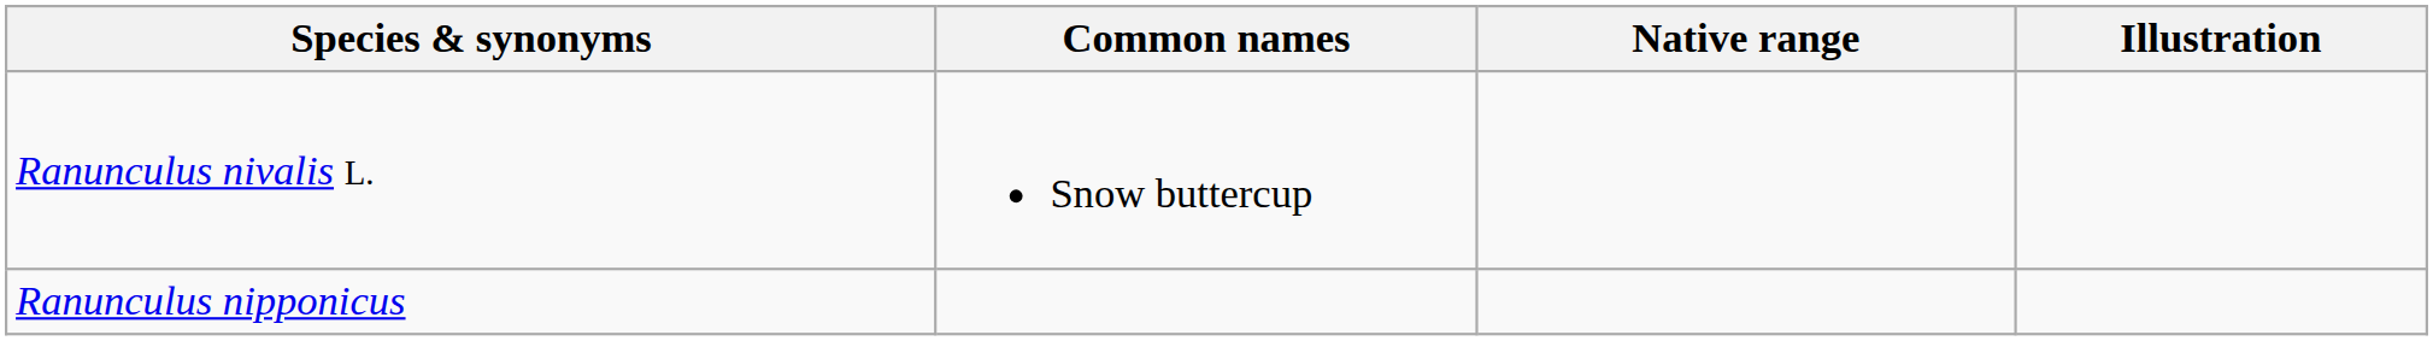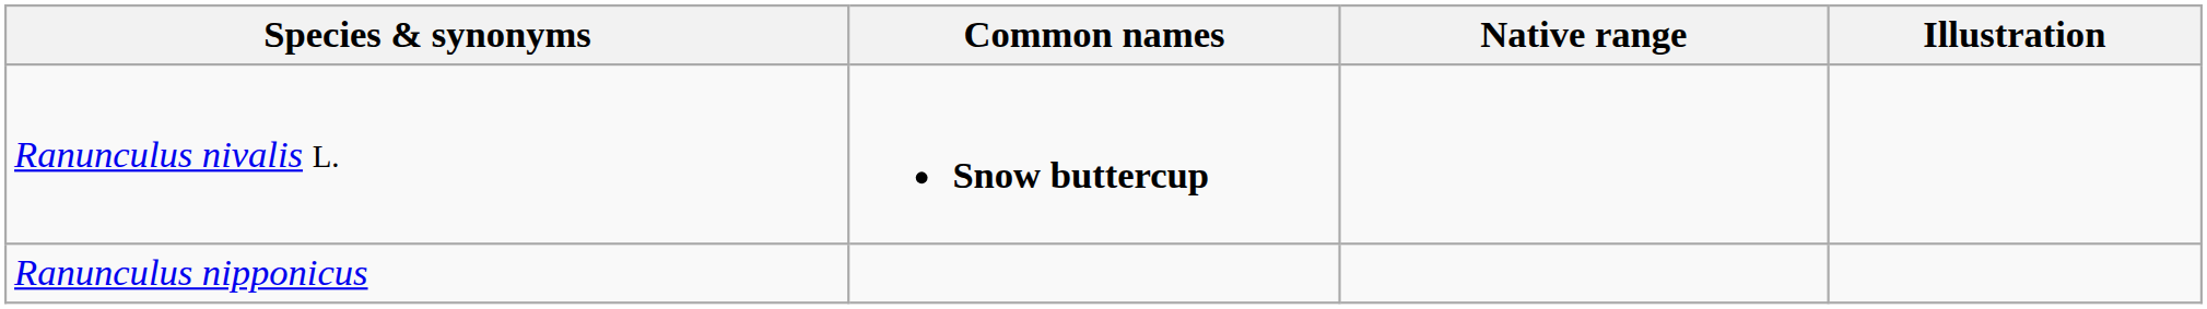 <table class="wikitable">
 <tr>
 <th width=350>Species & synonyms</th>
 <th width=200>Common names</th>
 <th width=200>Native range</th>
 <th width=150>Illustration</th>
 </tr>
 <tr>
 <td><em><a href='#'>Ranunculus nivalis</a></em> <small>L.</small></td>
-<td><br><ul><li>Snow buttercup</li></ul></td>
+<td><strong><br><ul><li>Snow buttercup</li></ul></strong></td>
 <td></td>
 </tr>
 <tr>
 <td><em><a href='#'>Ranunculus nipponicus</a></em></td>
 <td></td>
 <td></td>
 <td></td>
 </tr>
 </table>
